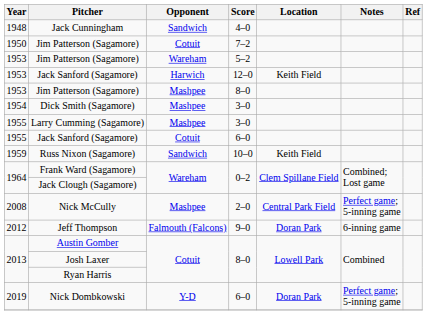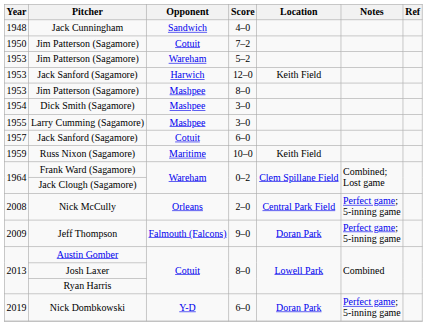 <table class="wikitable" style="text-align:center">
 <tr>
 <th scope="col">Year</th>
 <th scope="col">Pitcher</th>
 <th scope="col">Opponent</th>
 <th scope="col">Score</th>
 <th scope="col">Location</th>
 <th scope="col">Notes</th>
 <th scope="col">Ref</th>
 </tr>
 <tr>
 <td>1948</td>
 <td>Jack Cunningham</td>
 <td><a href='#'>Sandwich</a></td>
 <td>4–0</td>
 <td></td>
 <td></td>
 <td></td>
 </tr>
 <tr>
 <td>1950</td>
 <td>Jim Patterson (Sagamore)</td>
 <td><a href='#'>Cotuit</a></td>
 <td>7–2</td>
 <td></td>
 <td></td>
 <td></td>
 </tr>
 <tr>
 <td>1953</td>
 <td>Jim Patterson (Sagamore)</td>
 <td><a href='#'>Wareham</a></td>
 <td>5–2</td>
 <td></td>
 <td></td>
 <td></td>
 </tr>
 <tr>
 <td>1953</td>
 <td>Jack Sanford (Sagamore)</td>
 <td><a href='#'>Harwich</a></td>
 <td>12–0</td>
 <td>Keith Field</td>
 <td></td>
 <td></td>
 </tr>
 <tr>
 <td>1953</td>
 <td>Jim Patterson (Sagamore)</td>
 <td><a href='#'>Mashpee</a></td>
 <td>8–0</td>
 <td></td>
 <td></td>
 <td></td>
 </tr>
 <tr>
 <td>1954</td>
 <td>Dick Smith (Sagamore)</td>
 <td><a href='#'>Mashpee</a></td>
 <td>3–0</td>
 <td></td>
 <td></td>
 <td></td>
 </tr>
 <tr>
 <td>1955</td>
 <td>Larry Cumming (Sagamore)</td>
 <td><a href='#'>Mashpee</a></td>
 <td>3–0</td>
 <td></td>
 <td></td>
 <td></td>
 </tr>
 <tr>
-<td>1955</td>
+<td>1957</td>
 <td>Jack Sanford (Sagamore)</td>
 <td><a href='#'>Cotuit</a></td>
 <td>6–0</td>
 <td></td>
 <td></td>
 <td></td>
 </tr>
 <tr>
 <td>1959</td>
 <td>Russ Nixon (Sagamore)</td>
-<td><a href='#'>Sandwich</a></td>
+<td><a href='#'>Maritime</a></td>
 <td>10–0</td>
 <td>Keith Field</td>
 <td></td>
 <td></td>
 </tr>
 <tr>
 <td rowspan="2">1964</td>
 <td>Frank Ward (Sagamore)</td>
 <td rowspan="2"><a href='#'>Wareham</a></td>
 <td rowspan="2">0–2</td>
 <td rowspan="2"><a href='#'>Clem Spillane Field</a></td>
 <td style="text-align:left" rowspan="2">Combined;<br>Lost game</td>
 <td rowspan="2"></td>
 </tr>
 <tr>
 <td>Jack Clough (Sagamore)</td>
 </tr>
 <tr>
 <td>2008</td>
 <td>Nick McCully</td>
-<td><a href='#'>Mashpee</a></td>
+<td><a href='#'>Orleans</a></td>
 <td>2–0</td>
 <td><a href='#'>Central Park Field</a></td>
 <td style="text-align:left"><a href='#'>Perfect game</a>;<br>5-inning game</td>
 <td></td>
 </tr>
 <tr>
-<td>2012</td>
+<td>2009</td>
 <td>Jeff Thompson</td>
 <td><a href='#'>Falmouth (Falcons)</a></td>
 <td>9–0</td>
 <td><a href='#'>Doran Park</a></td>
-<td style="text-align:left">6-inning game</td>
+<td style="text-align:left"><a href='#'>Perfect game</a>;<br>5-inning game</td>
 <td></td>
 </tr>
 <tr>
 <td rowspan="3">2013</td>
 <td><a href='#'>Austin Gomber</a></td>
 <td rowspan="3"><a href='#'>Cotuit</a></td>
 <td rowspan="3">8–0</td>
 <td rowspan="3"><a href='#'>Lowell Park</a></td>
 <td style="text-align:left" rowspan="3">Combined</td>
 <td rowspan="3"></td>
 </tr>
 <tr>
 <td>Josh Laxer</td>
 </tr>
 <tr>
 <td>Ryan Harris</td>
 </tr>
 <tr>
 <td>2019</td>
 <td>Nick Dombkowski</td>
 <td><a href='#'>Y-D</a></td>
 <td>6–0</td>
 <td><a href='#'>Doran Park</a></td>
 <td style="text-align:left"><a href='#'>Perfect game</a>;<br>5-inning game</td>
 <td></td>
 </tr>
 <tr>
 </tr>
 </table>
